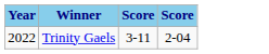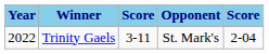 <table class="wikitable" style="text-align:center;">
 <tr>
 <th style="background:skyblue;color:navy;">Year</th>
 <th style="background:skyblue;color:navy;">Winner</th>
 <th style="background:skyblue;color:navy;">Score</th>
+<th style="background:skyblue;color:navy;">Opponent</th>
 <th style="background:skyblue;color:navy;">Score</th>
 </tr>
 <tr>
 <td>2022</td>
 <td><a href='#'>Trinity Gaels</a></td>
 <td>3-11</td>
+<td>St. Mark's</td>
 <td>2-04</td>
 </tr>
 </table>
